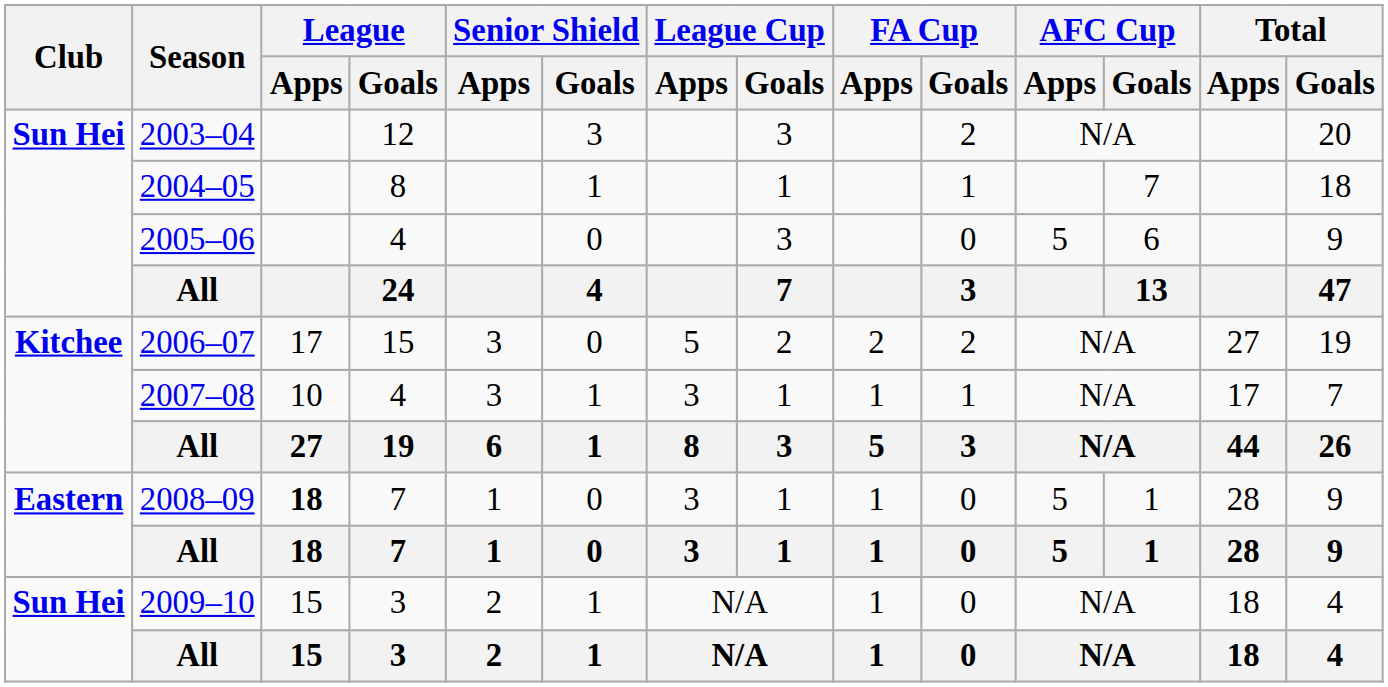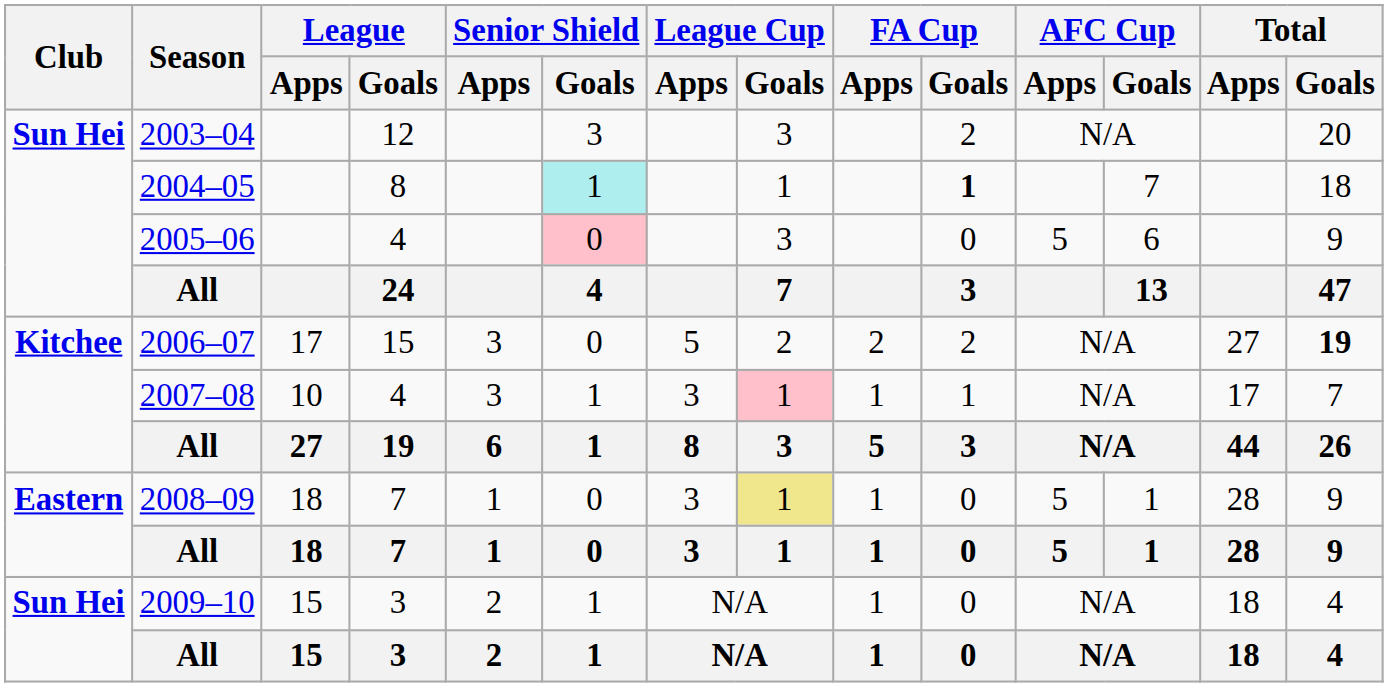 <table class="wikitable" style="text-align: center;">
 <tr>
 <th rowspan="2">Club</th>
 <th rowspan="2">Season</th>
 <th colspan="2"><a href='#'>League</a></th>
 <th colspan="2"><a href='#'>Senior Shield</a></th>
 <th colspan="2"><a href='#'>League Cup</a></th>
 <th colspan="2"><a href='#'>FA Cup</a></th>
 <th colspan="2"><a href='#'>AFC Cup</a></th>
 <th colspan="2">Total</th>
 </tr>
 <tr>
 <th>Apps</th>
 <th>Goals</th>
 <th>Apps</th>
 <th>Goals</th>
 <th>Apps</th>
 <th>Goals</th>
 <th>Apps</th>
 <th>Goals</th>
 <th>Apps</th>
 <th>Goals</th>
 <th>Apps</th>
 <th>Goals</th>
 </tr>
 <tr>
 <td rowspan="4" valign="top"><strong><a href='#'>Sun Hei</a></strong></td>
 <td><a href='#'>2003–04</a></td>
 <td></td>
 <td>12</td>
 <td></td>
 <td>3</td>
 <td></td>
 <td>3</td>
 <td></td>
 <td>2</td>
 <td colspan="2">N/A</td>
 <td></td>
 <td>20</td>
 </tr>
 <tr>
 <td><a href='#'>2004–05</a></td>
 <td></td>
 <td>8</td>
 <td></td>
-<td>1</td>
+<td style="background: paleturquoise;">1</td>
 <td></td>
 <td>1</td>
 <td></td>
-<td>1</td>
+<td><strong>1</strong></td>
 <td></td>
 <td>7</td>
 <td></td>
 <td>18</td>
 </tr>
 <tr>
 <td><a href='#'>2005–06</a></td>
 <td></td>
 <td>4</td>
 <td></td>
-<td>0</td>
+<td style="background: pink;">0</td>
 <td></td>
 <td>3</td>
 <td></td>
 <td>0</td>
 <td>5</td>
 <td>6</td>
 <td></td>
 <td>9</td>
 </tr>
 <tr>
 <th>All</th>
 <th></th>
 <th>24</th>
 <th></th>
 <th>4</th>
 <th></th>
 <th>7</th>
 <th></th>
 <th>3</th>
 <th></th>
 <th>13</th>
 <th></th>
 <th>47</th>
 </tr>
 <tr>
 <td rowspan="3" valign="top"><strong><a href='#'>Kitchee</a></strong></td>
 <td><a href='#'>2006–07</a></td>
 <td>17</td>
 <td>15</td>
 <td>3</td>
 <td>0</td>
 <td>5</td>
 <td>2</td>
 <td>2</td>
 <td>2</td>
 <td colspan="2">N/A</td>
 <td>27</td>
-<td>19</td>
+<td><strong>19</strong></td>
 </tr>
 <tr>
 <td><a href='#'>2007–08</a></td>
 <td>10</td>
 <td>4</td>
 <td>3</td>
 <td>1</td>
 <td>3</td>
-<td>1</td>
+<td style="background: pink;">1</td>
 <td>1</td>
 <td>1</td>
 <td colspan="2">N/A</td>
 <td>17</td>
 <td>7</td>
 </tr>
 <tr>
 <th>All</th>
 <th>27</th>
 <th>19</th>
 <th>6</th>
 <th>1</th>
 <th>8</th>
 <th>3</th>
 <th>5</th>
 <th>3</th>
 <th colspan="2">N/A</th>
 <th>44</th>
 <th>26</th>
 </tr>
 <tr>
 <td rowspan="2" valign="top"><strong><a href='#'>Eastern</a></strong></td>
 <td><a href='#'>2008–09</a></td>
-<td><strong>18</strong></td>
+<td>18</td>
 <td>7</td>
 <td>1</td>
 <td>0</td>
 <td>3</td>
-<td>1</td>
+<td style="background: khaki;">1</td>
 <td>1</td>
 <td>0</td>
 <td>5</td>
 <td>1</td>
 <td>28</td>
 <td>9</td>
 </tr>
 <tr>
 <th>All</th>
 <th>18</th>
 <th>7</th>
 <th>1</th>
 <th>0</th>
 <th>3</th>
 <th>1</th>
 <th>1</th>
 <th>0</th>
 <th>5</th>
 <th>1</th>
 <th>28</th>
 <th>9</th>
 </tr>
 <tr>
 <td rowspan="2" valign="top"><strong><a href='#'>Sun Hei</a></strong></td>
 <td><a href='#'>2009–10</a></td>
 <td>15</td>
 <td>3</td>
 <td>2</td>
 <td>1</td>
 <td colspan="2">N/A</td>
 <td>1</td>
 <td>0</td>
 <td colspan="2">N/A</td>
 <td>18</td>
 <td>4</td>
 </tr>
 <tr>
 <th>All</th>
 <th>15</th>
 <th>3</th>
 <th>2</th>
 <th>1</th>
 <th colspan="2">N/A</th>
 <th>1</th>
 <th>0</th>
 <th colspan="2">N/A</th>
 <th>18</th>
 <th>4</th>
 </tr>
 </table>
